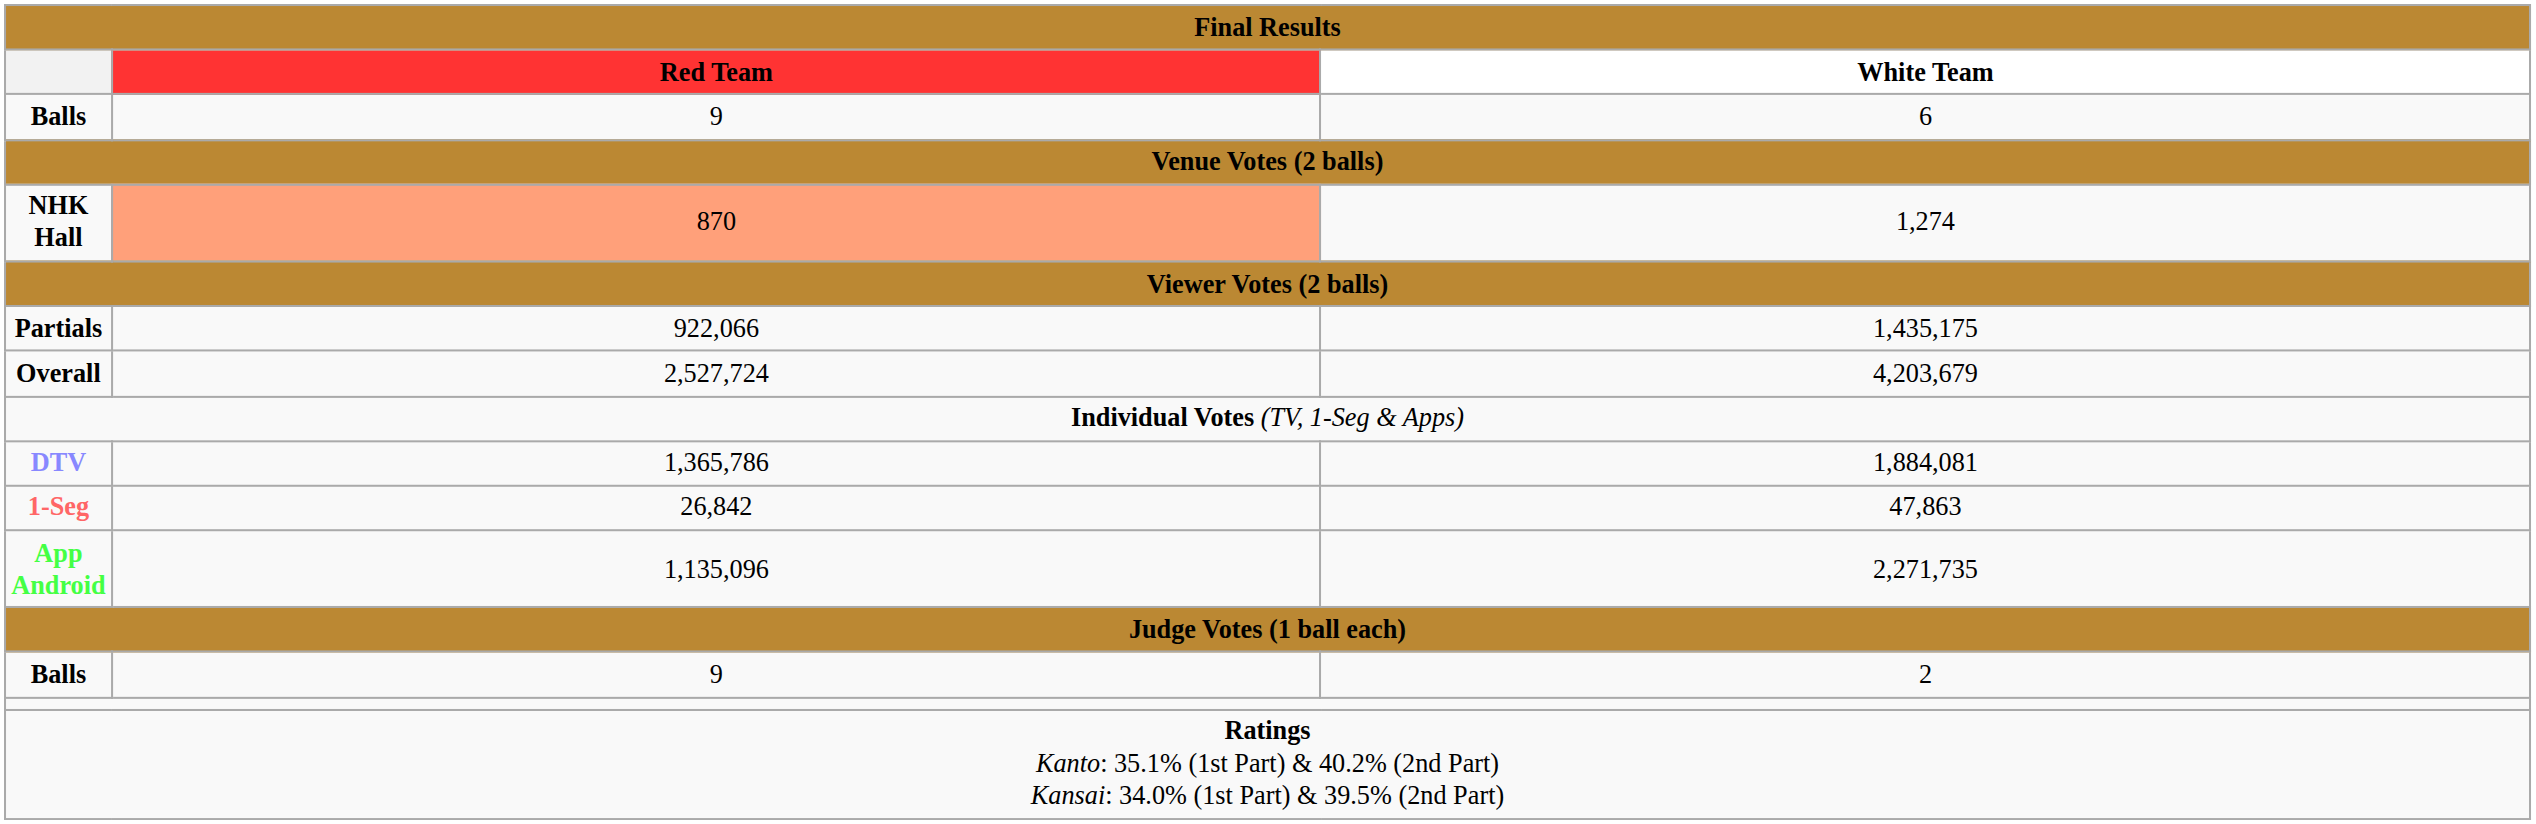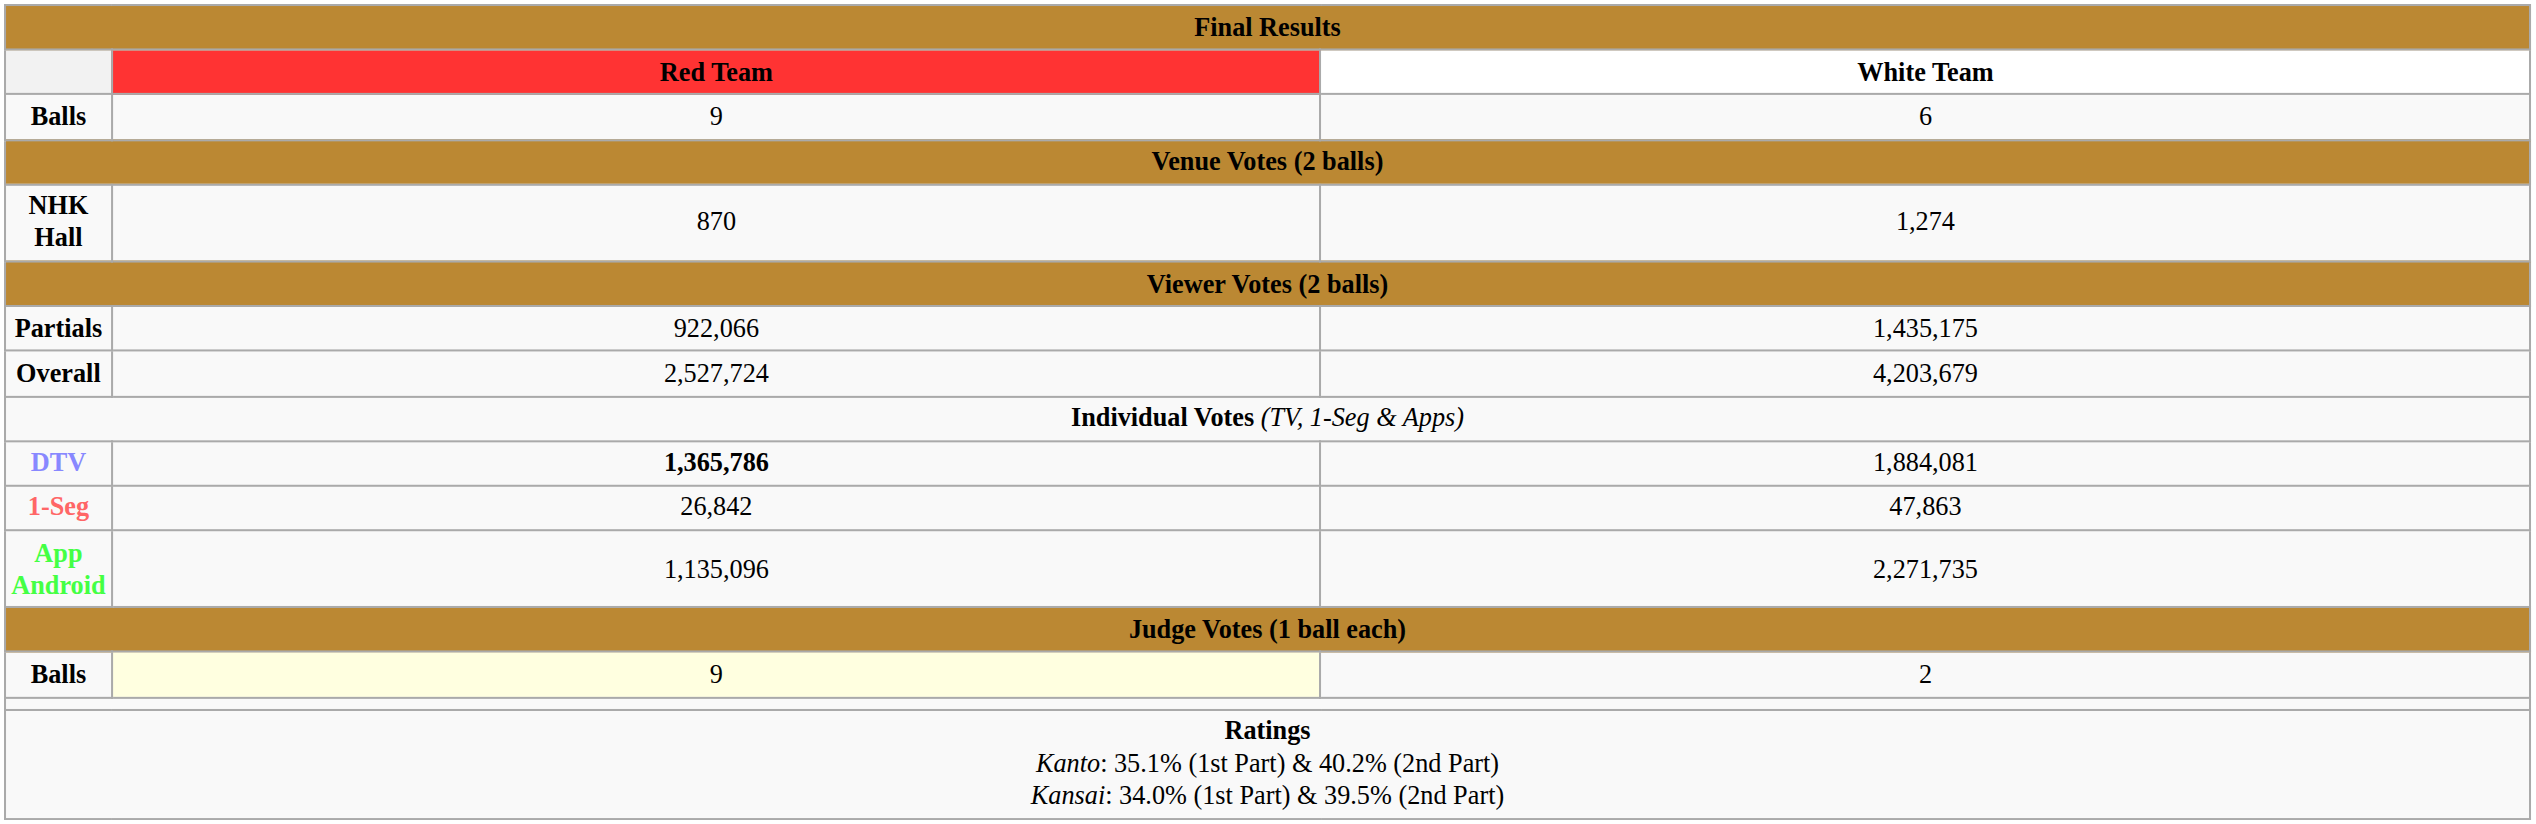 <table class="wikitable" style="font-size:small; text-align:center">
 <tr>
 <th colspan="4" style="background: #b83; wid: 50%;"><strong>Final Results</strong></th>
 </tr>
 <tr>
 <th style="background: #White; wid: 50%;"></th>
 <th style="background: #f33; width: 50%;">Red Team</th>
 <th style="background: #fff; width: 50%;">White Team</th>
 </tr>
 <tr>
 <td><strong>Balls</strong></td>
 <td>9</td>
 <td>6</td>
 </tr>
 <tr>
 <th colspan="4" style="background: #b83; wid: 50%;"><strong>Venue Votes (2 balls)</strong></th>
 </tr>
 <tr>
 <td><strong>NHK Hall</strong></td>
-<td style="background: lightsalmon;">870</td>
+<td>870</td>
 <td>1,274</td>
 </tr>
 <tr>
 <th colspan="4" style="background: #b83; wid: 50%;"><strong>Viewer Votes (2 balls)</strong></th>
 </tr>
 <tr>
 <td><strong>Partials</strong></td>
 <td>922,066</td>
 <td>1,435,175</td>
 </tr>
 <tr>
 <td><strong>Overall</strong></td>
 <td>2,527,724</td>
 <td>4,203,679</td>
 </tr>
 <tr>
 <td colspan="4" style="background: #;"><strong>Individual Votes</strong> <em>(TV, 1-Seg & Apps)</em></td>
 </tr>
 <tr>
 <td style="color: #88f;"><strong>DTV</strong></td>
-<td>1,365,786</td>
+<td><strong>1,365,786</strong></td>
 <td>1,884,081</td>
 </tr>
 <tr>
 <td style="color: #f66;"><strong>1-Seg</strong></td>
 <td>26,842</td>
 <td>47,863</td>
 </tr>
 <tr>
 <td style="color: #4f4;"><strong>App Android</strong></td>
 <td>1,135,096</td>
 <td>2,271,735</td>
 </tr>
 <tr>
 <th colspan="4" style="background: #b83; wid: 50%;"><strong>Judge Votes (1 ball each)</strong></th>
 </tr>
 <tr>
 <td><strong>Balls</strong></td>
-<td>9</td>
+<td style="background: lightyellow;">9</td>
 <td>2</td>
 </tr>
 <tr>
 <td colspan="4"></td>
 </tr>
 <tr>
 <td Colspan="3"><strong>Ratings</strong><br><em>Kanto</em>: 35.1% (1st Part) & 40.2% (2nd Part)<br><em>Kansai</em>: 34.0% (1st Part) & 39.5% (2nd Part)</td>
 </tr>
 </table>
